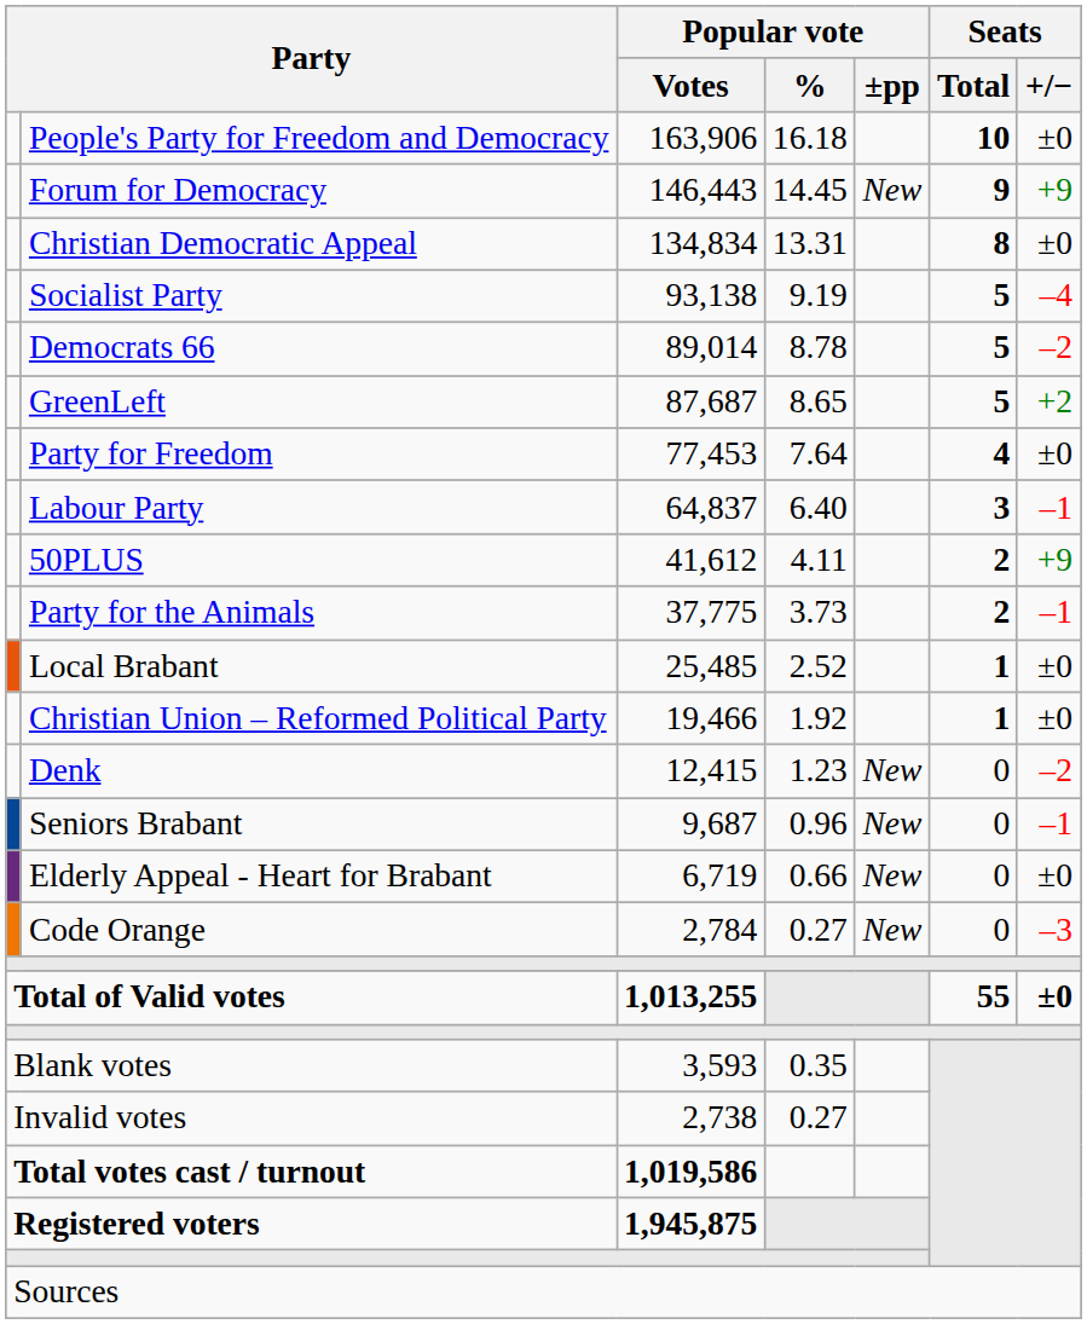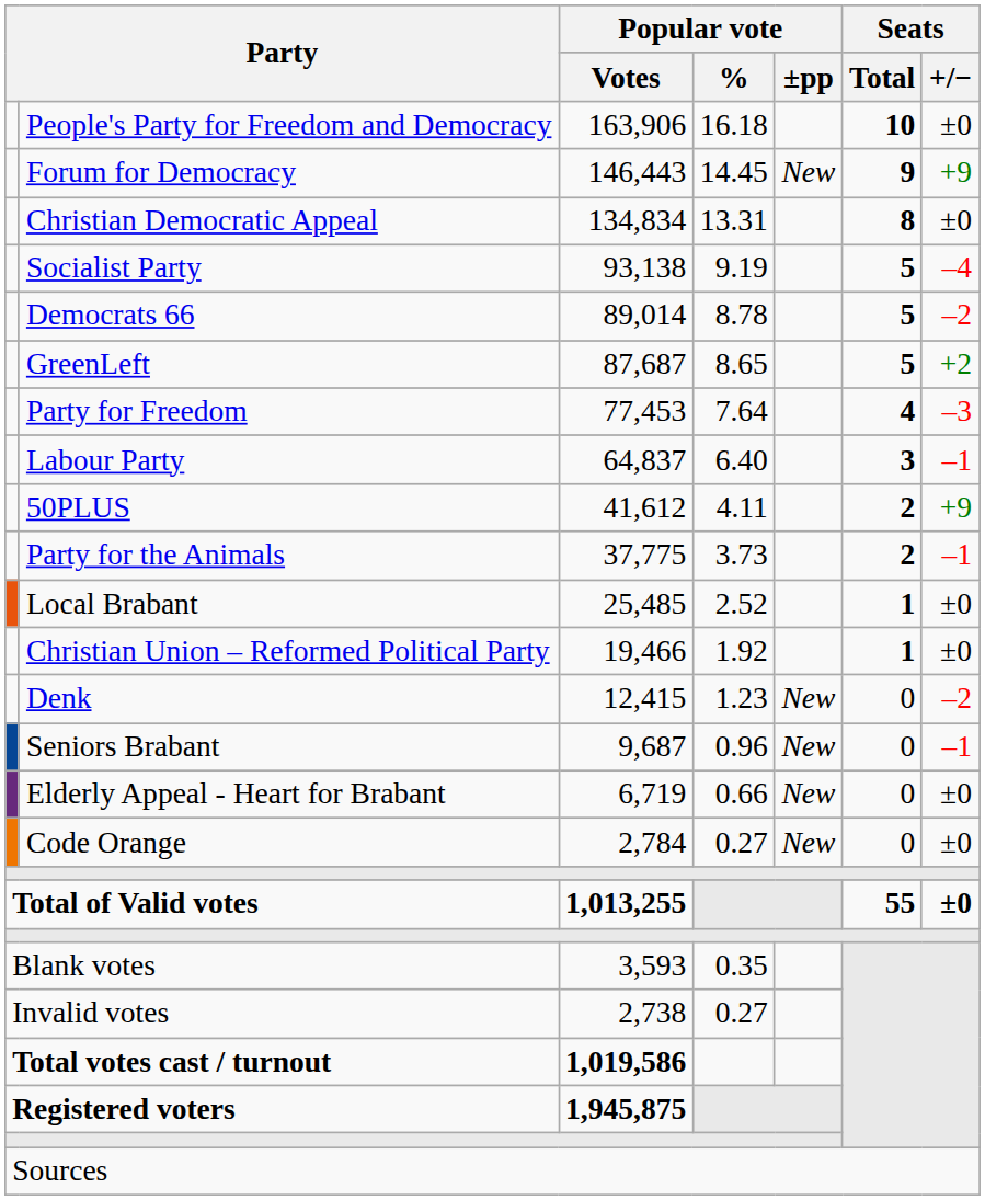 <table class="wikitable" style="text-align:right;">
 <tr>
 <th colspan=2 rowspan=2>Party</th>
 <th colspan=3>Popular vote</th>
 <th colspan=2>Seats</th>
 </tr>
 <tr>
 <th>Votes</th>
 <th>%</th>
 <th>±pp</th>
 <th>Total</th>
 <th>+/−</th>
 </tr>
 <tr>
 <td style="color:inherit;background:"></td>
 <td align="left"><a href='#'>People's Party for Freedom and Democracy</a></td>
 <td>163,906</td>
 <td>16.18</td>
 <td></td>
 <td><strong>10</strong></td>
 <td>±0</td>
 </tr>
 <tr>
 <td style="color:inherit;background:"></td>
 <td align="left"><a href='#'>Forum for Democracy</a></td>
 <td>146,443</td>
 <td>14.45</td>
 <td><em>New</em></td>
 <td><strong>9</strong></td>
 <td style="color:green;">+9</td>
 </tr>
 <tr>
 <td style="color:inherit;background:"></td>
 <td align="left"><a href='#'>Christian Democratic Appeal</a></td>
 <td>134,834</td>
 <td>13.31</td>
 <td></td>
 <td><strong>8</strong></td>
 <td>±0</td>
 </tr>
 <tr>
 <td style="color:inherit;background:"></td>
 <td align="left"><a href='#'>Socialist Party</a></td>
 <td>93,138</td>
 <td>9.19</td>
 <td></td>
 <td><strong>5</strong></td>
 <td style="color:red;">–4</td>
 </tr>
 <tr>
 <td style="color:inherit;background:"></td>
 <td align="left"><a href='#'>Democrats 66</a></td>
 <td>89,014</td>
 <td>8.78</td>
 <td></td>
 <td><strong>5</strong></td>
 <td style="color:red;">–2</td>
 </tr>
 <tr>
 <td style="color:inherit;background:"></td>
 <td align="left"><a href='#'>GreenLeft</a></td>
 <td>87,687</td>
 <td>8.65</td>
 <td></td>
 <td><strong>5</strong></td>
 <td style="color:green;">+2</td>
 </tr>
 <tr>
 <td style="color:inherit;background:"></td>
 <td align="left"><a href='#'>Party for Freedom</a></td>
 <td>77,453</td>
 <td>7.64</td>
 <td></td>
 <td><strong>4</strong></td>
-<td>±0</td>
+<td style="color:red;">–3</td>
 </tr>
 <tr>
 <td style="color:inherit;background:"></td>
 <td align="left"><a href='#'>Labour Party</a></td>
 <td>64,837</td>
 <td>6.40</td>
 <td></td>
 <td><strong>3</strong></td>
 <td style="color:red;">–1</td>
 </tr>
 <tr>
 <td style="color:inherit;background:"></td>
 <td align="left"><a href='#'>50PLUS</a></td>
 <td>41,612</td>
 <td>4.11</td>
 <td></td>
 <td><strong>2</strong></td>
 <td style="color:green;">+9</td>
 </tr>
 <tr>
 <td style="color:inherit;background:"></td>
 <td align="left"><a href='#'>Party for the Animals</a></td>
 <td>37,775</td>
 <td>3.73</td>
 <td></td>
 <td><strong>2</strong></td>
 <td style="color:red;">–1</td>
 </tr>
 <tr>
 <td style="color:inherit;background:#e9540d"></td>
 <td align="left">Local Brabant</td>
 <td>25,485</td>
 <td>2.52</td>
 <td></td>
 <td><strong>1</strong></td>
 <td>±0</td>
 </tr>
 <tr>
 <td style="color:inherit;background:"></td>
 <td align="left"><a href='#'>Christian Union – Reformed Political Party</a></td>
 <td>19,466</td>
 <td>1.92</td>
 <td></td>
 <td><strong>1</strong></td>
 <td>±0</td>
 </tr>
 <tr>
 <td style="color:inherit;background:"></td>
 <td align="left"><a href='#'>Denk</a></td>
 <td>12,415</td>
 <td>1.23</td>
 <td><em>New</em></td>
 <td>0</td>
 <td style="color:red;">–2</td>
 </tr>
 <tr>
 <td style="color:inherit;background:#054695"></td>
 <td align="left">Seniors Brabant</td>
 <td>9,687</td>
 <td>0.96</td>
 <td><em>New</em></td>
 <td>0</td>
 <td style="color:red;">–1</td>
 </tr>
 <tr>
 <td style="color:inherit;background:#67297c"></td>
 <td align="left">Elderly Appeal - Heart for Brabant</td>
 <td>6,719</td>
 <td>0.66</td>
 <td><em>New</em></td>
 <td>0</td>
 <td>±0</td>
 </tr>
 <tr>
 <td style="color:inherit;background:#ef7601"></td>
 <td align="left">Code Orange</td>
 <td>2,784</td>
 <td>0.27</td>
 <td><em>New</em></td>
 <td>0</td>
-<td style="color:red;">–3</td>
+<td>±0</td>
 </tr>
 <tr>
 <td colspan="7" style="color:inherit;background:#E9E9E9"></td>
 </tr>
 <tr style="font-weight:bold;">
 <td align="left" colspan="2">Total of Valid votes</td>
 <td>1,013,255</td>
 <td bgcolor="#E9E9E9" colspan="2"></td>
 <td>55</td>
 <td>±0</td>
 </tr>
 <tr>
 <td colspan="7" style="color:inherit;background:#E9E9E9"></td>
 </tr>
 <tr>
 <td align="left" colspan="2">Blank votes</td>
 <td>3,593</td>
 <td>0.35</td>
 <td></td>
 <td bgcolor="#E9E9E9" colspan="2" rowspan="5"></td>
 </tr>
 <tr>
 <td align="left" colspan="2">Invalid votes</td>
 <td>2,738</td>
 <td>0.27</td>
 <td></td>
 </tr>
 <tr style="font-weight:bold;">
 <td align="left" colspan="2">Total votes cast / turnout</td>
 <td>1,019,586</td>
 <td></td>
 <td></td>
 </tr>
 <tr style="font-weight:bold;">
 <td align="left" colspan="2">Registered voters</td>
 <td>1,945,875</td>
 <td bgcolor="#E9E9E9" colspan="2"></td>
 </tr>
 <tr>
 <td colspan="7" style="color:inherit;background:#E9E9E9"></td>
 </tr>
 <tr>
 <td align="left" colspan="7">Sources</td>
 </tr>
 </table>
